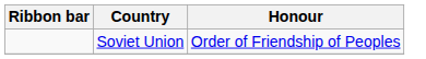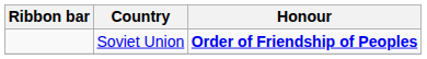 <table class="wikitable">
 <tr>
 <th>Ribbon bar</th>
 <th>Country</th>
 <th>Honour</th>
 </tr>
 <tr>
 <td></td>
 <td><a href='#'>Soviet Union</a></td>
-<td><a href='#'>Order of Friendship of Peoples</a></td>
+<td><strong><a href='#'>Order of Friendship of Peoples</a></strong></td>
 </tr>
 <tr>
 </tr>
 </table>
